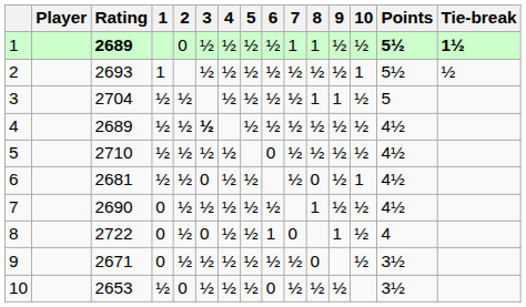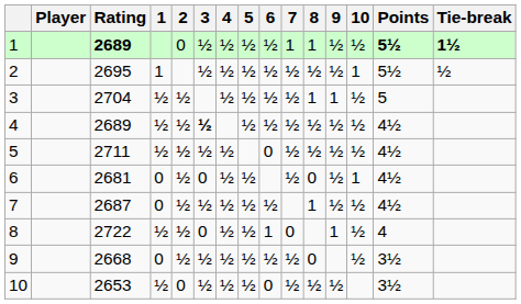 <table class=wikitable>
 <tr>
 <th></th>
 <th>Player</th>
 <th>Rating</th>
 <th>1</th>
 <th>2</th>
 <th>3</th>
 <th>4</th>
 <th>5</th>
 <th>6</th>
 <th>7</th>
 <th>8</th>
 <th>9</th>
 <th>10</th>
 <th>Points</th>
 <th>Tie-break</th>
 </tr>
 <tr style="background:#ccffcc">
 <td>1</td>
 <td><strong></strong></td>
 <td><strong>2689</strong></td>
 <td></td>
 <td>0</td>
 <td>½</td>
 <td>½</td>
 <td>½</td>
 <td>½</td>
 <td>1</td>
 <td>1</td>
 <td>½</td>
 <td>½</td>
 <td><strong>5½</strong></td>
 <td><strong>1½</strong></td>
 </tr>
 <tr>
 <td>2</td>
 <td></td>
-<td>2693</td>
+<td>2695</td>
 <td>1</td>
 <td></td>
 <td>½</td>
 <td>½</td>
 <td>½</td>
 <td>½</td>
 <td>½</td>
 <td>½</td>
 <td>½</td>
 <td>1</td>
 <td>5½</td>
 <td>½</td>
 </tr>
 <tr>
 <td>3</td>
 <td></td>
 <td>2704</td>
 <td>½</td>
 <td>½</td>
 <td></td>
 <td>½</td>
 <td>½</td>
 <td>½</td>
 <td>½</td>
 <td>1</td>
 <td>1</td>
 <td>½</td>
 <td>5</td>
 <td></td>
 </tr>
 <tr>
 <td>4</td>
 <td></td>
 <td>2689</td>
 <td>½</td>
 <td>½</td>
 <td><strong>½</strong></td>
 <td></td>
 <td>½</td>
 <td>½</td>
 <td>½</td>
 <td>½</td>
 <td>½</td>
 <td>½</td>
 <td>4½</td>
 <td></td>
 </tr>
 <tr>
 <td>5</td>
 <td></td>
-<td>2710</td>
+<td>2711</td>
 <td>½</td>
 <td>½</td>
 <td>½</td>
 <td>½</td>
 <td></td>
 <td>0</td>
 <td>½</td>
 <td>½</td>
 <td>½</td>
 <td>½</td>
 <td>4½</td>
 <td></td>
 </tr>
 <tr>
 <td>6</td>
 <td></td>
 <td>2681</td>
-<td>½</td>
+<td>0</td>
 <td>½</td>
 <td>0</td>
 <td>½</td>
 <td>½</td>
 <td></td>
 <td>½</td>
 <td>0</td>
 <td>½</td>
 <td>1</td>
 <td>4½</td>
 <td></td>
 </tr>
 <tr>
 <td>7</td>
 <td></td>
-<td>2690</td>
+<td>2687</td>
 <td>0</td>
 <td>½</td>
 <td>½</td>
 <td>½</td>
 <td>½</td>
 <td>½</td>
 <td></td>
 <td>1</td>
 <td>½</td>
 <td>½</td>
 <td>4½</td>
 <td></td>
 </tr>
 <tr>
 <td>8</td>
 <td></td>
 <td>2722</td>
-<td>0</td>
+<td>½</td>
 <td>½</td>
 <td>0</td>
 <td>½</td>
 <td>½</td>
 <td>1</td>
 <td>0</td>
 <td></td>
 <td>1</td>
 <td>½</td>
 <td>4</td>
 <td></td>
 </tr>
 <tr>
 <td>9</td>
 <td></td>
-<td>2671</td>
+<td>2668</td>
 <td>0</td>
 <td>½</td>
 <td>½</td>
 <td>½</td>
 <td>½</td>
 <td>½</td>
 <td>½</td>
 <td>0</td>
 <td></td>
 <td>½</td>
 <td>3½</td>
 <td></td>
 </tr>
 <tr>
 <td>10</td>
 <td></td>
 <td>2653</td>
 <td>½</td>
 <td>0</td>
 <td>½</td>
 <td>½</td>
 <td>½</td>
 <td>0</td>
 <td>½</td>
 <td>½</td>
 <td>½</td>
 <td></td>
 <td>3½</td>
 <td></td>
 </tr>
 </table>
